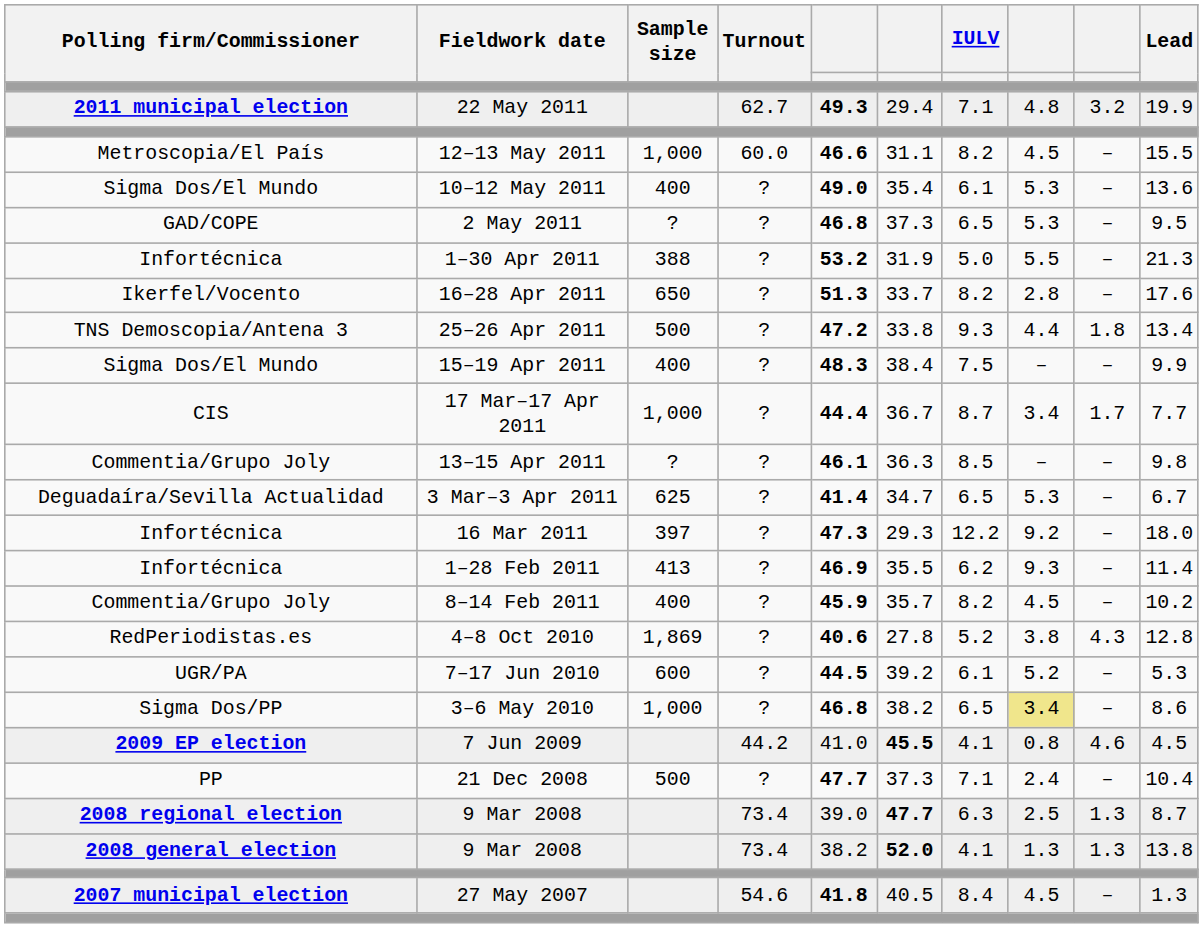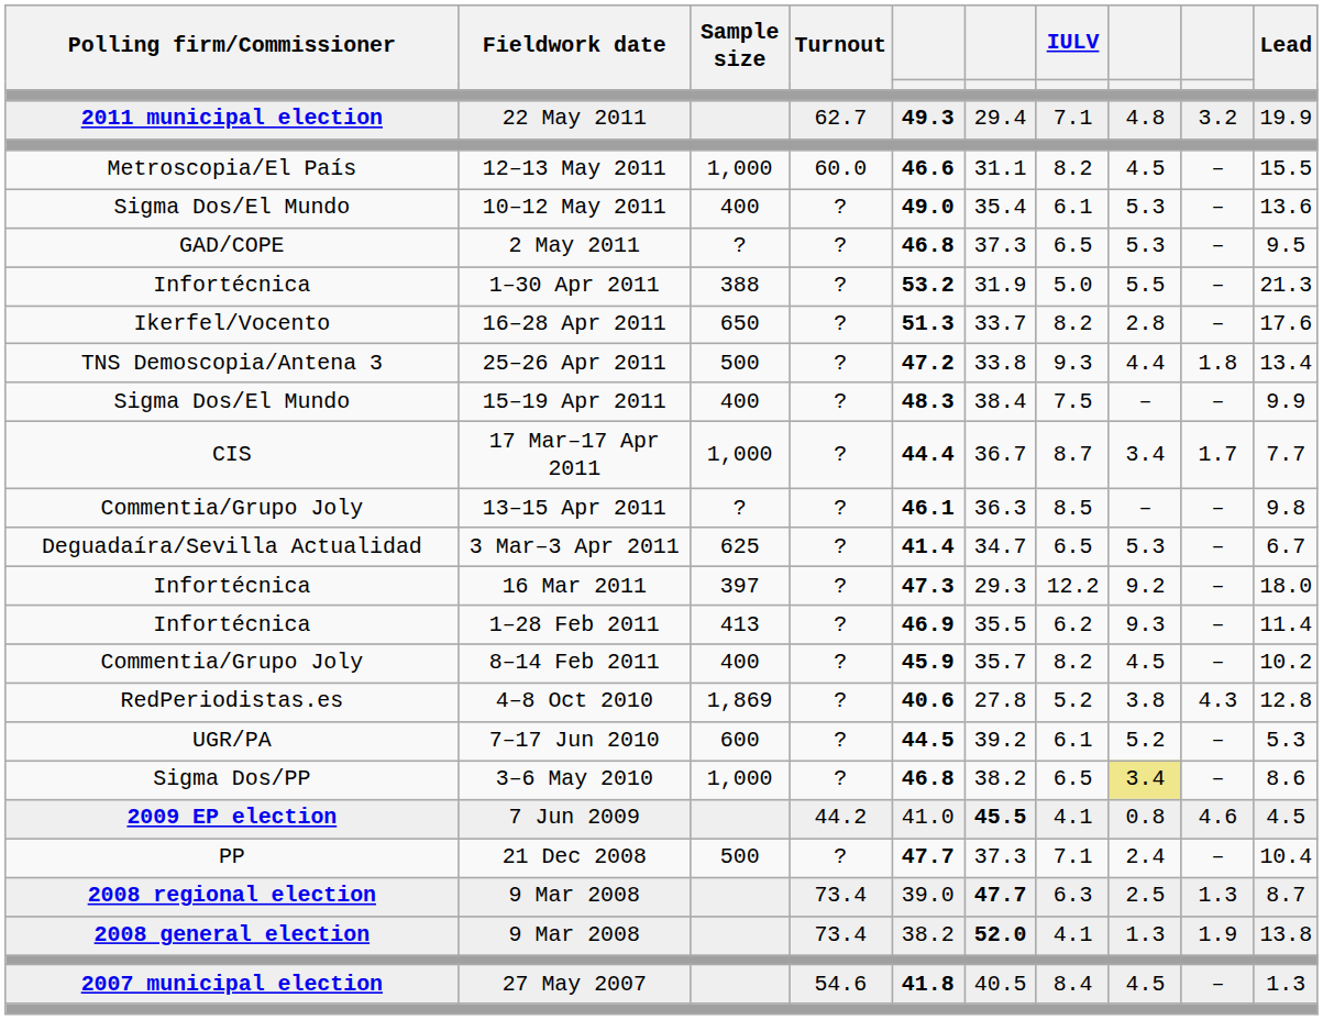 <table class="wikitable collapsible collapsed" style="text-align:center; font-size:95%; line-height:16px;">
 <tr style="height:42px;">
 <th style="width:250px;" rowspan="2">Polling firm/Commissioner</th>
 <th style="width:125px;" rowspan="2">Fieldwork date</th>
 <th style="width:50px;" rowspan="2">Sample size</th>
 <th style="width:45px;" rowspan="2">Turnout</th>
 <th style="width:35px;"></th>
 <th style="width:35px;"></th>
 <th style="width:35px;"><a href='#'>IULV</a></th>
 <th style="width:35px;"></th>
 <th style="width:35px;"></th>
 <th style="width:30px;" rowspan="2">Lead</th>
 </tr>
 <tr>
 <th style="color:inherit;background:"></th>
 <th style="color:inherit;background:"></th>
 <th style="color:inherit;background:"></th>
 <th style="color:inherit;background:"></th>
 <th style="color:inherit;background:"></th>
 </tr>
 <tr>
 <td colspan="10" style="background:#A0A0A0"></td>
 </tr>
 <tr style="background:#EFEFEF;">
 <td><strong><a href='#'>2011 municipal election</a></strong></td>
 <td>22 May 2011</td>
 <td></td>
 <td>62.7</td>
 <td><strong>49.3</strong><br></td>
 <td>29.4<br></td>
 <td>7.1<br></td>
 <td>4.8<br></td>
 <td>3.2<br></td>
 <td style="background:">19.9</td>
 </tr>
 <tr>
 <td colspan="10" style="background:#A0A0A0"></td>
 </tr>
 <tr>
 <td>Metroscopia/El País</td>
 <td>12–13 May 2011</td>
 <td>1,000</td>
 <td>60.0</td>
 <td><strong>46.6</strong><br></td>
 <td>31.1<br></td>
 <td>8.2<br></td>
 <td>4.5<br></td>
 <td>–</td>
 <td style="background:">15.5</td>
 </tr>
 <tr>
 <td>Sigma Dos/El Mundo</td>
 <td>10–12 May 2011</td>
 <td>400</td>
 <td>?</td>
 <td><strong>49.0</strong><br></td>
 <td>35.4<br></td>
 <td>6.1<br></td>
 <td>5.3<br></td>
 <td>–</td>
 <td style="background:">13.6</td>
 </tr>
 <tr>
 <td>GAD/COPE</td>
 <td>2 May 2011</td>
 <td>?</td>
 <td>?</td>
 <td><strong>46.8</strong><br></td>
 <td>37.3<br></td>
 <td>6.5<br></td>
 <td>5.3<br></td>
 <td>–</td>
 <td style="background:">9.5</td>
 </tr>
 <tr>
 <td>Infortécnica</td>
 <td>1–30 Apr 2011</td>
 <td>388</td>
 <td>?</td>
 <td><strong>53.2</strong><br></td>
 <td>31.9<br></td>
 <td>5.0<br></td>
 <td>5.5<br></td>
 <td>–</td>
 <td style="background:">21.3</td>
 </tr>
 <tr>
 <td>Ikerfel/Vocento</td>
 <td>16–28 Apr 2011</td>
 <td>650</td>
 <td>?</td>
 <td><strong>51.3</strong><br></td>
 <td>33.7<br></td>
 <td>8.2<br></td>
 <td>2.8<br></td>
 <td>–</td>
 <td style="background:">17.6</td>
 </tr>
 <tr>
 <td>TNS Demoscopia/Antena 3</td>
 <td>25–26 Apr 2011</td>
 <td>500</td>
 <td>?</td>
 <td><strong>47.2</strong><br></td>
 <td>33.8<br></td>
 <td>9.3<br></td>
 <td>4.4<br></td>
 <td>1.8<br></td>
 <td style="background:">13.4</td>
 </tr>
 <tr>
 <td>Sigma Dos/El Mundo</td>
 <td>15–19 Apr 2011</td>
 <td>400</td>
 <td>?</td>
 <td><strong>48.3</strong><br></td>
 <td>38.4<br></td>
 <td>7.5<br></td>
 <td>–</td>
 <td>–</td>
 <td style="background:">9.9</td>
 </tr>
 <tr>
 <td>CIS</td>
 <td>17 Mar–17 Apr 2011</td>
 <td>1,000</td>
 <td>?</td>
 <td><strong>44.4</strong><br></td>
 <td>36.7<br></td>
 <td>8.7<br></td>
 <td>3.4<br></td>
 <td>1.7<br></td>
 <td style="background:">7.7</td>
 </tr>
 <tr>
 <td>Commentia/Grupo Joly</td>
 <td>13–15 Apr 2011</td>
 <td>?</td>
 <td>?</td>
 <td><strong>46.1</strong><br></td>
 <td>36.3<br></td>
 <td>8.5<br></td>
 <td>–</td>
 <td>–</td>
 <td style="background:">9.8</td>
 </tr>
 <tr>
 <td>Deguadaíra/Sevilla Actualidad</td>
 <td>3 Mar–3 Apr 2011</td>
 <td>625</td>
 <td>?</td>
 <td><strong>41.4</strong><br></td>
 <td>34.7<br></td>
 <td>6.5<br></td>
 <td>5.3<br></td>
 <td>–</td>
 <td style="background:">6.7</td>
 </tr>
 <tr>
 <td>Infortécnica</td>
 <td>16 Mar 2011</td>
 <td>397</td>
 <td>?</td>
 <td><strong>47.3</strong><br></td>
 <td>29.3<br></td>
 <td>12.2<br></td>
 <td>9.2<br></td>
 <td>–</td>
 <td style="background:">18.0</td>
 </tr>
 <tr>
 <td>Infortécnica</td>
 <td>1–28 Feb 2011</td>
 <td>413</td>
 <td>?</td>
 <td><strong>46.9</strong><br></td>
 <td>35.5<br></td>
 <td>6.2<br></td>
 <td>9.3<br></td>
 <td>–</td>
 <td style="background:">11.4</td>
 </tr>
 <tr>
 <td>Commentia/Grupo Joly</td>
 <td>8–14 Feb 2011</td>
 <td>400</td>
 <td>?</td>
 <td><strong>45.9</strong><br></td>
 <td>35.7<br></td>
 <td>8.2<br></td>
 <td>4.5<br></td>
 <td>–</td>
 <td style="background:">10.2</td>
 </tr>
 <tr>
 <td>RedPeriodistas.es</td>
 <td>4–8 Oct 2010</td>
 <td>1,869</td>
 <td>?</td>
 <td><strong>40.6</strong><br></td>
 <td>27.8<br></td>
 <td>5.2<br></td>
 <td>3.8<br></td>
 <td>4.3<br></td>
 <td style="background:">12.8</td>
 </tr>
 <tr>
 <td>UGR/PA</td>
 <td>7–17 Jun 2010</td>
 <td>600</td>
 <td>?</td>
 <td><strong>44.5</strong><br></td>
 <td>39.2<br></td>
 <td>6.1<br></td>
 <td>5.2<br></td>
 <td>–</td>
 <td style="background:">5.3</td>
 </tr>
 <tr>
 <td>Sigma Dos/PP</td>
 <td>3–6 May 2010</td>
 <td>1,000</td>
 <td>?</td>
 <td><strong>46.8</strong><br></td>
 <td>38.2<br></td>
 <td>6.5<br></td>
 <td style="background: khaki;">3.4<br></td>
 <td>–</td>
 <td style="background:">8.6</td>
 </tr>
 <tr style="background:#EFEFEF;">
 <td><strong><a href='#'>2009 EP election</a></strong></td>
 <td>7 Jun 2009</td>
 <td></td>
 <td>44.2</td>
 <td>41.0<br></td>
 <td><strong>45.5</strong><br></td>
 <td>4.1<br></td>
 <td>0.8<br></td>
 <td>4.6<br></td>
 <td style="background:">4.5</td>
 </tr>
 <tr>
 <td>PP</td>
 <td>21 Dec 2008</td>
 <td>500</td>
 <td>?</td>
 <td><strong>47.7</strong><br></td>
 <td>37.3<br></td>
 <td>7.1<br></td>
 <td>2.4<br></td>
 <td>–</td>
 <td style="background:">10.4</td>
 </tr>
 <tr style="background:#EFEFEF;">
 <td><strong><a href='#'>2008 regional election</a></strong></td>
 <td>9 Mar 2008</td>
 <td></td>
 <td>73.4</td>
 <td>39.0<br></td>
 <td><strong>47.7</strong><br></td>
 <td>6.3<br></td>
 <td>2.5<br></td>
 <td>1.3<br></td>
 <td style="background:">8.7</td>
 </tr>
 <tr style="background:#EFEFEF;">
 <td><strong><a href='#'>2008 general election</a></strong></td>
 <td>9 Mar 2008</td>
 <td></td>
 <td>73.4</td>
 <td>38.2<br></td>
 <td><strong>52.0</strong><br></td>
 <td>4.1<br></td>
 <td>1.3<br></td>
-<td>1.3<br></td>
+<td>1.9<br></td>
 <td style="background:">13.8</td>
 </tr>
 <tr>
 <td colspan="10" style="background:#A0A0A0"></td>
 </tr>
 <tr style="background:#EFEFEF;">
 <td><strong><a href='#'>2007 municipal election</a></strong></td>
 <td>27 May 2007</td>
 <td></td>
 <td>54.6</td>
 <td><strong>41.8</strong><br></td>
 <td>40.5<br></td>
 <td>8.4<br></td>
 <td>4.5<br></td>
 <td>–</td>
 <td style="background:">1.3</td>
 </tr>
 <tr>
 <td colspan="10" style="background:#A0A0A0"></td>
 </tr>
 </table>
